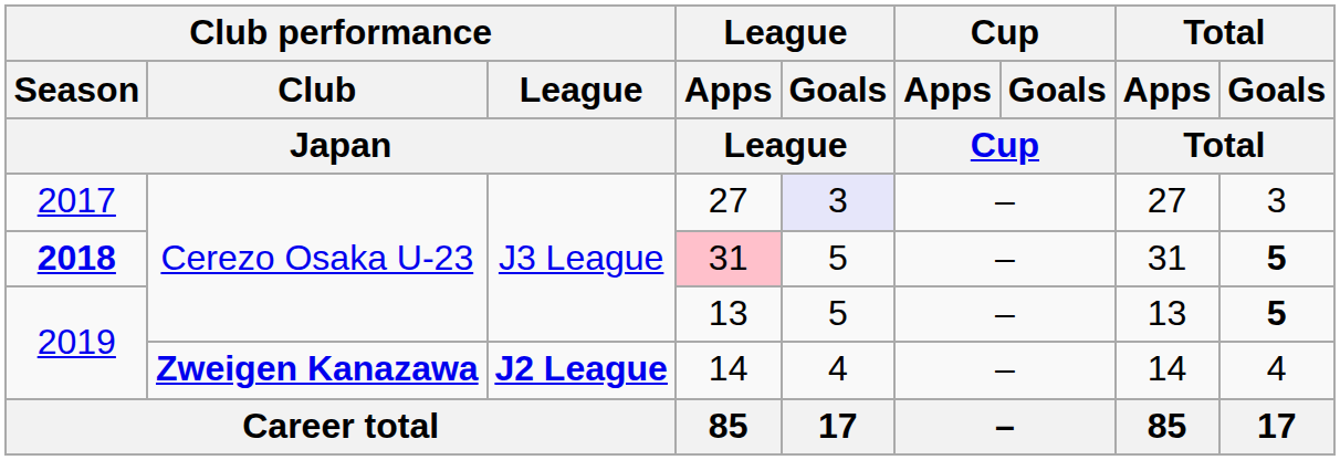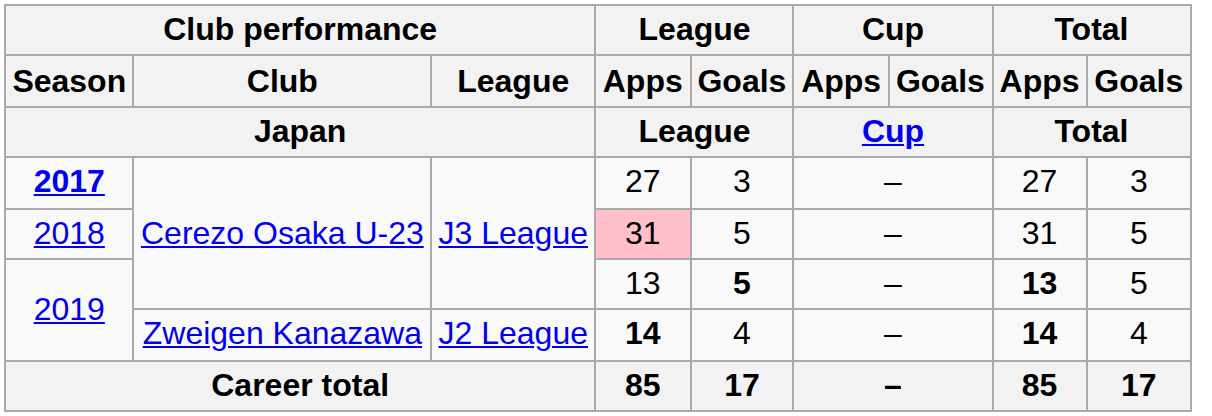 <table class="wikitable" style="text-align:center">
 <tr>
 <th colspan=3>Club performance</th>
 <th colspan=2>League</th>
 <th colspan=2>Cup</th>
 <th colspan=2>Total</th>
 </tr>
 <tr>
 <th>Season</th>
 <th>Club</th>
 <th>League</th>
 <th>Apps</th>
 <th>Goals</th>
 <th>Apps</th>
 <th>Goals</th>
 <th>Apps</th>
 <th>Goals</th>
 </tr>
 <tr>
 <th colspan=3>Japan</th>
 <th colspan=2>League</th>
 <th colspan=2><a href='#'>Cup</a></th>
 <th colspan=2>Total</th>
 </tr>
 <tr>
-<td><a href='#'>2017</a></td>
+<td><strong><a href='#'>2017</a></strong></td>
 <td rowspan="3"><a href='#'>Cerezo Osaka U-23</a></td>
 <td rowspan="3"><a href='#'>J3 League</a></td>
 <td>27</td>
-<td style="background: lavender;">3</td>
+<td>3</td>
 <td colspan="2">–</td>
 <td>27</td>
 <td>3</td>
 </tr>
 <tr>
-<td><strong><a href='#'>2018</a></strong></td>
+<td><a href='#'>2018</a></td>
 <td style="background: pink;">31</td>
 <td>5</td>
 <td colspan="2">–</td>
 <td>31</td>
-<td><strong>5</strong></td>
+<td>5</td>
 </tr>
 <tr>
 <td rowspan="2"><a href='#'>2019</a></td>
 <td>13</td>
+<td><strong>5</strong></td>
+<td colspan="2">–</td>
+<td><strong>13</strong></td>
 <td>5</td>
-<td colspan="2">–</td>
-<td>13</td>
-<td><strong>5</strong></td>
 </tr>
 <tr>
-<td><strong><a href='#'>Zweigen Kanazawa</a></strong></td>
-<td><strong><a href='#'>J2 League</a></strong></td>
-<td>14</td>
+<td><a href='#'>Zweigen Kanazawa</a></td>
+<td><a href='#'>J2 League</a></td>
+<td><strong>14</strong></td>
 <td>4</td>
 <td colspan="2">–</td>
-<td>14</td>
+<td><strong>14</strong></td>
 <td>4</td>
 </tr>
 <tr>
 <th colspan=3>Career total</th>
 <th>85</th>
 <th>17</th>
 <th colspan="2">–</th>
 <th>85</th>
 <th>17</th>
 </tr>
 </table>
